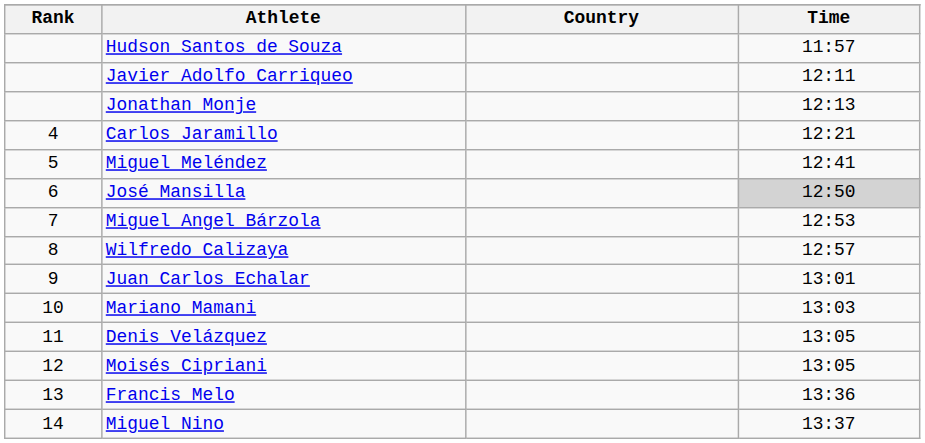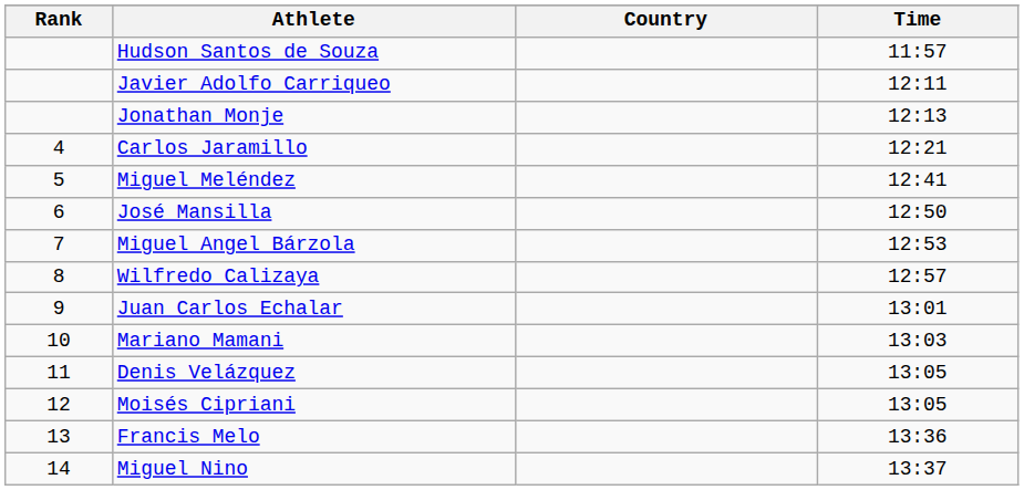 <table class="wikitable sortable" style=" text-align:center; font-size:95%;" width="50%">
 <tr>
 </tr>
 <tr>
 <th width=5%>Rank</th>
 <th width=20%>Athlete</th>
 <th width=15%>Country</th>
 <th width=10%>Time</th>
 </tr>
 <tr>
 <td align=center></td>
 <td align=left><a href='#'>Hudson Santos de Souza</a></td>
 <td align=left></td>
 <td>11:57</td>
 </tr>
 <tr>
 <td align=center></td>
 <td align=left><a href='#'>Javier Adolfo Carriqueo</a></td>
 <td align=left></td>
 <td>12:11</td>
 </tr>
 <tr>
 <td align=center></td>
 <td align=left><a href='#'>Jonathan Monje</a></td>
 <td align=left></td>
 <td>12:13</td>
 </tr>
 <tr>
 <td align=center>4</td>
 <td align=left><a href='#'>Carlos Jaramillo</a></td>
 <td align=left></td>
 <td>12:21</td>
 </tr>
 <tr>
 <td align=center>5</td>
 <td align=left><a href='#'>Miguel Meléndez</a></td>
 <td align=left></td>
 <td>12:41</td>
 </tr>
 <tr>
 <td align=center>6</td>
 <td align=left><a href='#'>José Mansilla</a></td>
 <td align=left></td>
-<td style="background: lightgrey;">12:50</td>
+<td>12:50</td>
 </tr>
 <tr>
 <td align=center>7</td>
 <td align=left><a href='#'>Miguel Angel Bárzola</a></td>
 <td align=left></td>
 <td>12:53</td>
 </tr>
 <tr>
 <td align=center>8</td>
 <td align=left><a href='#'>Wilfredo Calizaya</a></td>
 <td align=left></td>
 <td>12:57</td>
 </tr>
 <tr>
 <td align=center>9</td>
 <td align=left><a href='#'>Juan Carlos Echalar</a></td>
 <td align=left></td>
 <td>13:01</td>
 </tr>
 <tr>
 <td align=center>10</td>
 <td align=left><a href='#'>Mariano Mamani</a></td>
 <td align=left></td>
 <td>13:03</td>
 </tr>
 <tr>
 <td align=center>11</td>
 <td align=left><a href='#'>Denis Velázquez</a></td>
 <td align=left></td>
 <td>13:05</td>
 </tr>
 <tr>
 <td align=center>12</td>
 <td align=left><a href='#'>Moisés Cipriani</a></td>
 <td align=left></td>
 <td>13:05</td>
 </tr>
 <tr>
 <td align=center>13</td>
 <td align=left><a href='#'>Francis Melo</a></td>
 <td align=left></td>
 <td>13:36</td>
 </tr>
 <tr>
 <td align=center>14</td>
 <td align=left><a href='#'>Miguel Nino</a></td>
 <td align=left></td>
 <td>13:37</td>
 </tr>
 </table>
